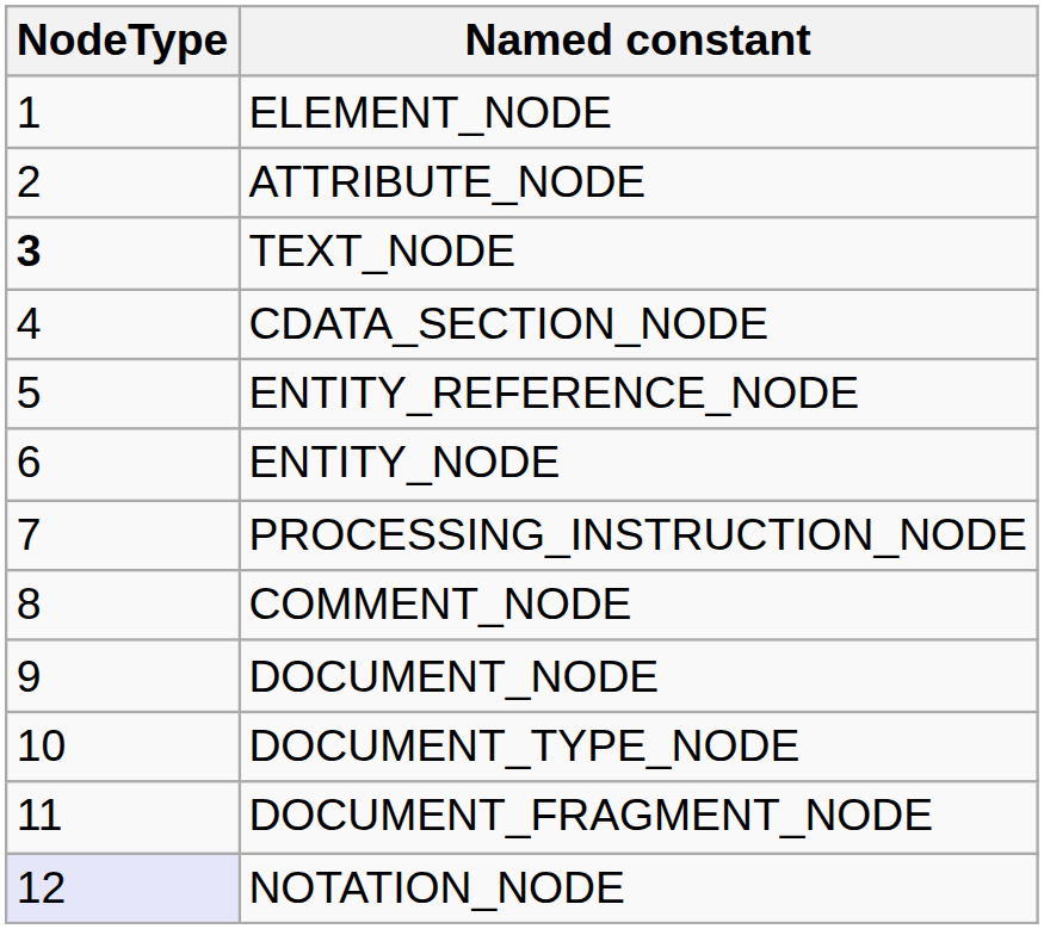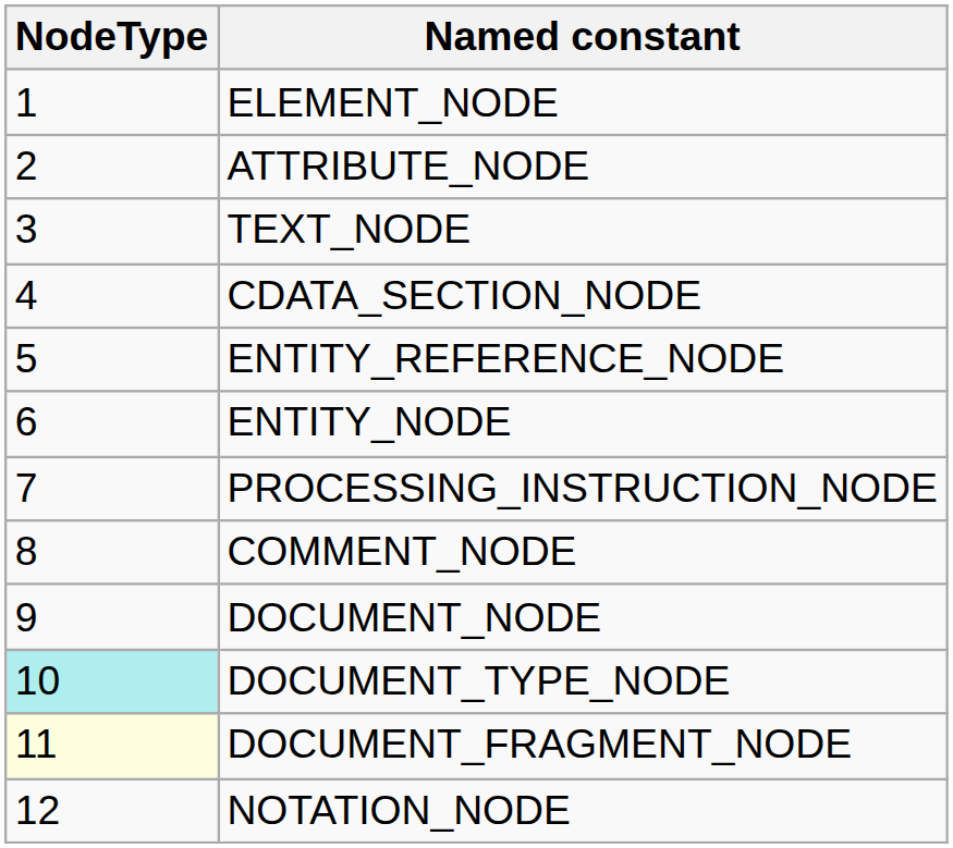 <table class="wikitable">
 <tr>
 <th>NodeType</th>
 <th>Named constant</th>
 </tr>
 <tr>
 <td>1</td>
 <td>ELEMENT_NODE</td>
 </tr>
 <tr>
 <td>2</td>
 <td>ATTRIBUTE_NODE</td>
 </tr>
 <tr>
-<td><strong>3</strong></td>
+<td>3</td>
 <td>TEXT_NODE</td>
 </tr>
 <tr>
 <td>4</td>
 <td>CDATA_SECTION_NODE</td>
 </tr>
 <tr>
 <td>5</td>
 <td>ENTITY_REFERENCE_NODE</td>
 </tr>
 <tr>
 <td>6</td>
 <td>ENTITY_NODE</td>
 </tr>
 <tr>
 <td>7</td>
 <td>PROCESSING_INSTRUCTION_NODE</td>
 </tr>
 <tr>
 <td>8</td>
 <td>COMMENT_NODE</td>
 </tr>
 <tr>
 <td>9</td>
 <td>DOCUMENT_NODE</td>
 </tr>
 <tr>
-<td>10</td>
+<td style="background: paleturquoise;">10</td>
 <td>DOCUMENT_TYPE_NODE</td>
 </tr>
 <tr>
-<td>11</td>
+<td style="background: lightyellow;">11</td>
 <td>DOCUMENT_FRAGMENT_NODE</td>
 </tr>
 <tr>
-<td style="background: lavender;">12</td>
+<td>12</td>
 <td>NOTATION_NODE</td>
 </tr>
 </table>
